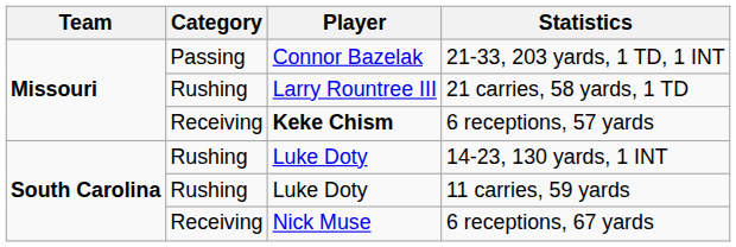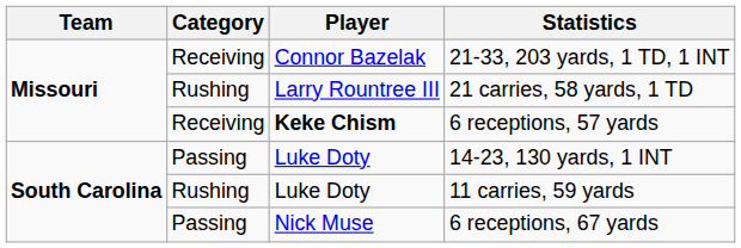 <table class="wikitable" style="float: right;">
 <tr>
 <th>Team</th>
 <th>Category</th>
 <th>Player</th>
 <th>Statistics</th>
 </tr>
 <tr>
 <td rowspan=3><strong>Missouri</strong></td>
-<td>Passing</td>
+<td>Receiving</td>
 <td><a href='#'>Connor Bazelak</a></td>
 <td>21-33, 203 yards, 1 TD, 1 INT</td>
 </tr>
 <tr>
 <td>Rushing</td>
 <td><a href='#'>Larry Rountree III</a></td>
 <td>21 carries, 58 yards, 1 TD</td>
 </tr>
 <tr>
 <td>Receiving</td>
 <td><strong>Keke Chism</strong></td>
 <td>6 receptions, 57 yards</td>
 </tr>
 <tr>
 <td rowspan=3><strong>South Carolina</strong></td>
-<td>Rushing</td>
+<td>Passing</td>
 <td><a href='#'>Luke Doty</a></td>
 <td>14-23, 130 yards, 1 INT</td>
 </tr>
 <tr>
 <td>Rushing</td>
 <td>Luke Doty</td>
 <td>11 carries, 59 yards</td>
 </tr>
 <tr>
-<td>Receiving</td>
+<td>Passing</td>
 <td><a href='#'>Nick Muse</a></td>
 <td>6 receptions, 67 yards</td>
 </tr>
 </table>
